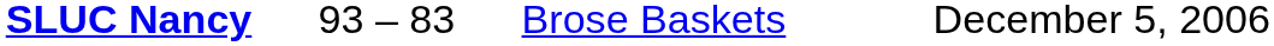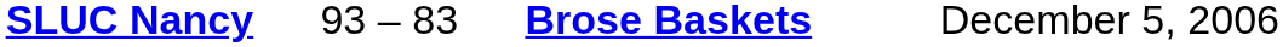 <table style="text-align:center">
 <tr>
 <th width=160></th>
 <th width=100></th>
 <th width=160></th>
 <th width=200></th>
 </tr>
 <tr>
 <td align=right><strong><a href='#'>SLUC Nancy</a></strong> </td>
 <td>93 – 83</td>
-<td align=left> <a href='#'>Brose Baskets</a></td>
+<td align=left><strong> <a href='#'>Brose Baskets</a></strong></td>
 <td align=left>December 5, 2006</td>
 </tr>
 </table>
